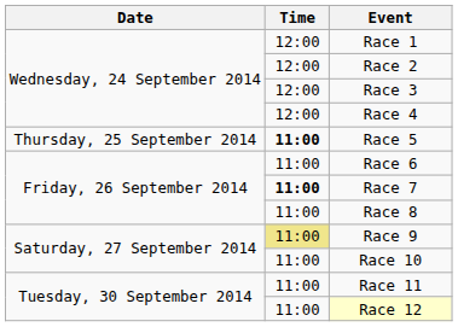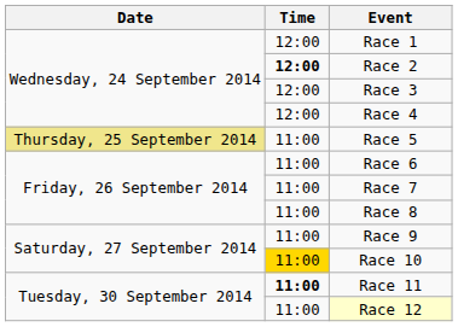 <table class = "wikitable" style="text-align:center;">
 <tr>
 <th width=220>Date</th>
 <th width=50>Time</th>
 <th width=100>Event</th>
 </tr>
 <tr>
 <td rowspan=4>Wednesday, 24 September 2014</td>
 <td>12:00</td>
 <td>Race 1</td>
 </tr>
 <tr>
-<td>12:00</td>
+<td><strong>12:00</strong></td>
 <td>Race 2</td>
 </tr>
 <tr>
 <td>12:00</td>
 <td>Race 3</td>
 </tr>
 <tr>
 <td>12:00</td>
 <td>Race 4</td>
 </tr>
 <tr>
-<td>Thursday, 25 September 2014</td>
-<td><strong>11:00</strong></td>
+<td style="background: khaki;">Thursday, 25 September 2014</td>
+<td>11:00</td>
 <td>Race 5</td>
 </tr>
 <tr>
 <td rowspan=3>Friday, 26 September 2014</td>
 <td>11:00</td>
 <td>Race 6</td>
 </tr>
 <tr>
-<td><strong>11:00</strong></td>
+<td>11:00</td>
 <td>Race 7</td>
 </tr>
 <tr>
 <td>11:00</td>
 <td>Race 8</td>
 </tr>
 <tr>
 <td rowspan=2>Saturday, 27 September 2014</td>
-<td style="background: khaki;">11:00</td>
+<td>11:00</td>
 <td>Race 9</td>
 </tr>
 <tr>
-<td>11:00</td>
+<td style="background: gold;">11:00</td>
 <td>Race 10</td>
 </tr>
 <tr>
 <td rowspan=2>Tuesday, 30 September 2014</td>
-<td>11:00</td>
+<td><strong>11:00</strong></td>
 <td>Race 11</td>
 </tr>
 <tr>
 <td>11:00</td>
 <td bgcolor=ffffcc>Race 12</td>
 </tr>
 </table>
